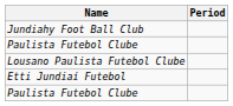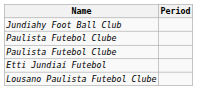 <table class="wikitable">
 <tr>
 <th>Name</th>
 <th>Period</th>
 </tr>
 <tr>
 <td><em>Jundiahy Foot Ball Club</em></td>
 <td></td>
 </tr>
 <tr>
 <td><em>Paulista Futebol Clube</em></td>
 <td></td>
 </tr>
 <tr>
-<td><em>Lousano Paulista Futebol Clube</em></td>
+<td><em>Paulista Futebol Clube</em></td>
 <td></td>
 </tr>
 <tr>
 <td><em>Etti Jundiaí Futebol</em></td>
 <td></td>
 </tr>
 <tr>
-<td><em>Paulista Futebol Clube</em></td>
+<td><em>Lousano Paulista Futebol Clube</em></td>
 <td></td>
 </tr>
 </table>
